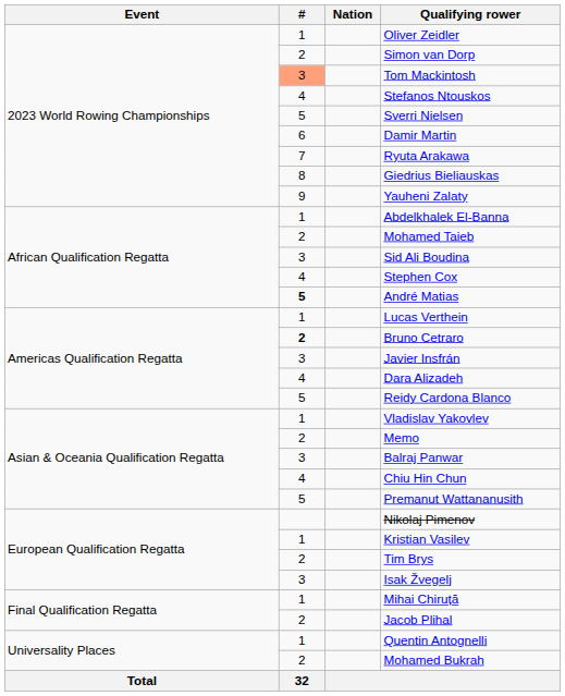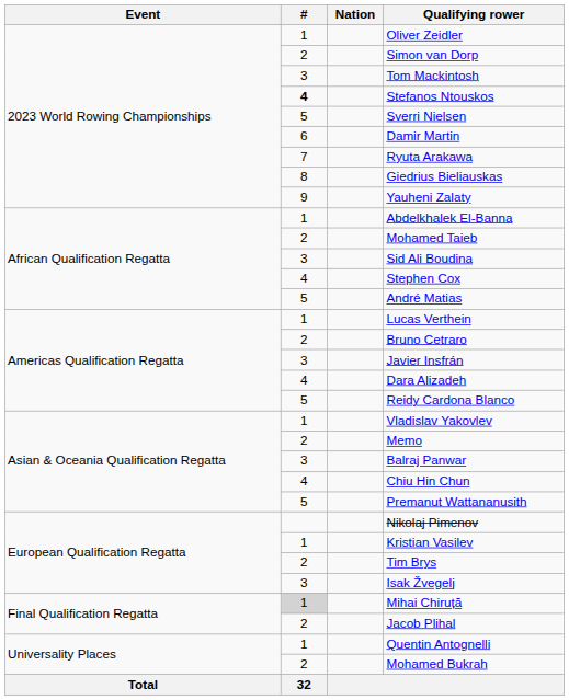 <table class="wikitable"  style="width:700px; text-align:center;">
 <tr>
 <th>Event</th>
 <th width=50>#</th>
 <th>Nation</th>
 <th>Qualifying rower</th>
 </tr>
 <tr>
 <td rowspan=9 align=left>2023 World Rowing Championships</td>
 <td>1</td>
 <td align=left></td>
 <td align=left><a href='#'>Oliver Zeidler</a></td>
 </tr>
 <tr>
 <td>2</td>
 <td align=left></td>
 <td align=left><a href='#'>Simon van Dorp</a></td>
 </tr>
 <tr>
-<td style="background: lightsalmon;">3</td>
+<td>3</td>
 <td align=left></td>
 <td align=left><a href='#'>Tom Mackintosh</a></td>
 </tr>
 <tr>
-<td>4</td>
+<td><strong>4</strong></td>
 <td align=left></td>
 <td align=left><a href='#'>Stefanos Ntouskos</a></td>
 </tr>
 <tr>
 <td>5</td>
 <td align=left></td>
 <td align=left><a href='#'>Sverri Nielsen</a></td>
 </tr>
 <tr>
 <td>6</td>
 <td align=left></td>
 <td align=left><a href='#'>Damir Martin</a></td>
 </tr>
 <tr>
 <td>7</td>
 <td align=left></td>
 <td align=left><a href='#'>Ryuta Arakawa</a></td>
 </tr>
 <tr>
 <td>8</td>
 <td align=left></td>
 <td align=left><a href='#'>Giedrius Bieliauskas</a></td>
 </tr>
 <tr>
 <td>9</td>
 <td align=left></td>
 <td align=left><a href='#'>Yauheni Zalaty</a></td>
 </tr>
 <tr>
 <td rowspan=5 align=left>African Qualification Regatta</td>
 <td>1</td>
 <td align=left></td>
 <td align=left><a href='#'>Abdelkhalek El-Banna</a></td>
 </tr>
 <tr>
 <td>2</td>
 <td align=left></td>
 <td align=left><a href='#'>Mohamed Taieb</a></td>
 </tr>
 <tr>
 <td>3</td>
 <td align=left></td>
 <td align=left><a href='#'>Sid Ali Boudina</a></td>
 </tr>
 <tr>
 <td>4</td>
 <td align=left></td>
 <td align=left><a href='#'>Stephen Cox</a></td>
 </tr>
 <tr>
-<td><strong>5</strong></td>
+<td>5</td>
 <td align=left></td>
 <td align=left><a href='#'>André Matias</a></td>
 </tr>
 <tr>
 <td rowspan=5 align=left>Americas Qualification Regatta</td>
 <td>1</td>
 <td align=left></td>
 <td align=left><a href='#'>Lucas Verthein</a></td>
 </tr>
 <tr>
-<td><strong>2</strong></td>
+<td>2</td>
 <td align=left></td>
 <td align=left><a href='#'>Bruno Cetraro</a></td>
 </tr>
 <tr>
 <td>3</td>
 <td align=left></td>
 <td align=left><a href='#'>Javier Insfrán</a></td>
 </tr>
 <tr>
 <td>4</td>
 <td align=left></td>
 <td align=left><a href='#'>Dara Alizadeh</a></td>
 </tr>
 <tr>
 <td>5</td>
 <td align=left></td>
 <td align=left><a href='#'>Reidy Cardona Blanco</a></td>
 </tr>
 <tr>
 <td rowspan=5 align=left>Asian & Oceania Qualification Regatta</td>
 <td>1</td>
 <td align=left></td>
 <td align=left><a href='#'>Vladislav Yakovlev</a></td>
 </tr>
 <tr>
 <td>2</td>
 <td align=left></td>
 <td align=left><a href='#'>Memo</a></td>
 </tr>
 <tr>
 <td>3</td>
 <td align=left></td>
 <td align=left><a href='#'>Balraj Panwar</a></td>
 </tr>
 <tr>
 <td>4</td>
 <td align=left></td>
 <td align=left><a href='#'>Chiu Hin Chun</a></td>
 </tr>
 <tr>
 <td>5</td>
 <td align=left></td>
 <td align=left><a href='#'>Premanut Wattananusith</a></td>
 </tr>
 <tr>
 <td rowspan=4 align=left>European Qualification Regatta</td>
 <td></td>
 <td align=left><s></s></td>
 <td align=left><s>Nikolaj Pimenov</s></td>
 </tr>
 <tr>
 <td>1</td>
 <td align=left></td>
 <td align=left><a href='#'>Kristian Vasilev</a></td>
 </tr>
 <tr>
 <td>2</td>
 <td align=left></td>
 <td align=left><a href='#'>Tim Brys</a></td>
 </tr>
 <tr>
 <td>3</td>
 <td align=left></td>
 <td align=left><a href='#'>Isak Žvegelj</a></td>
 </tr>
 <tr>
 <td rowspan=2 align=left>Final Qualification Regatta</td>
-<td>1</td>
+<td style="background: lightgrey;">1</td>
 <td align=left></td>
 <td align=left><a href='#'>Mihai Chiruță</a></td>
 </tr>
 <tr>
 <td>2</td>
 <td align=left></td>
 <td align=left><a href='#'>Jacob Plihal</a></td>
 </tr>
 <tr>
 <td rowspan=2 align=left>Universality Places</td>
 <td>1</td>
 <td align=left></td>
 <td align=left><a href='#'>Quentin Antognelli</a></td>
 </tr>
 <tr>
 <td>2</td>
 <td align=left></td>
 <td align=left><a href='#'>Mohamed Bukrah</a></td>
 </tr>
 <tr>
 <th>Total</th>
 <th>32</th>
 <th colspan=2></th>
 </tr>
 </table>
